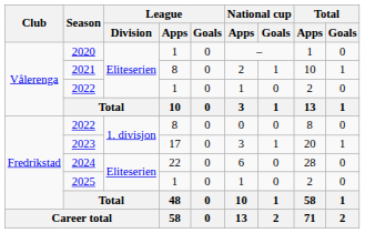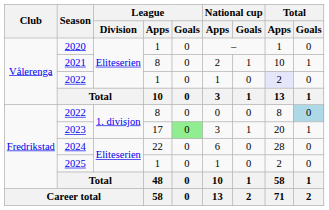 <table class="wikitable" style="text-align: center">
 <tr>
 <th rowspan="2">Club</th>
 <th rowspan="2">Season</th>
 <th colspan="3">League</th>
 <th colspan="2">National cup</th>
 <th colspan="2">Total</th>
 </tr>
 <tr>
 <th>Division</th>
 <th>Apps</th>
 <th>Goals</th>
 <th>Apps</th>
 <th>Goals</th>
 <th>Apps</th>
 <th>Goals</th>
 </tr>
 <tr>
 <td rowspan="4"><a href='#'>Vålerenga</a></td>
 <td><a href='#'>2020</a></td>
 <td rowspan="3"><a href='#'>Eliteserien</a></td>
 <td>1</td>
 <td>0</td>
 <td colspan="2">–</td>
 <td>1</td>
 <td>0</td>
 </tr>
 <tr>
 <td><a href='#'>2021</a></td>
 <td>8</td>
 <td>0</td>
 <td>2</td>
 <td>1</td>
 <td>10</td>
 <td>1</td>
 </tr>
 <tr>
 <td><a href='#'>2022</a></td>
 <td>1</td>
 <td>0</td>
 <td>1</td>
 <td>0</td>
-<td>2</td>
+<td style="background: lavender;">2</td>
 <td>0</td>
 </tr>
 <tr>
 <th colspan="2">Total</th>
 <th>10</th>
 <th>0</th>
 <th>3</th>
 <th>1</th>
 <th>13</th>
 <th>1</th>
 </tr>
 <tr>
 <td rowspan="5"><a href='#'>Fredrikstad</a></td>
 <td><a href='#'>2022</a></td>
 <td rowspan="2"><a href='#'>1. divisjon</a></td>
 <td>8</td>
 <td>0</td>
 <td>0</td>
 <td>0</td>
 <td>8</td>
-<td>0</td>
+<td style="background: lightblue;">0</td>
 </tr>
 <tr>
 <td><a href='#'>2023</a></td>
 <td>17</td>
-<td>0</td>
+<td style="background: lightgreen;">0</td>
 <td>3</td>
 <td>1</td>
 <td>20</td>
 <td>1</td>
 </tr>
 <tr>
 <td><a href='#'>2024</a></td>
 <td rowspan="2"><a href='#'>Eliteserien</a></td>
 <td>22</td>
 <td>0</td>
 <td>6</td>
 <td>0</td>
 <td>28</td>
 <td>0</td>
 </tr>
 <tr>
 <td><a href='#'>2025</a></td>
 <td>1</td>
 <td>0</td>
 <td>1</td>
 <td>0</td>
 <td>2</td>
 <td>0</td>
 </tr>
 <tr>
 <th colspan="2">Total</th>
 <th>48</th>
 <th>0</th>
 <th>10</th>
 <th>1</th>
 <th>58</th>
 <th>1</th>
 </tr>
 <tr>
 <th colspan="3">Career total</th>
 <th>58</th>
 <th>0</th>
 <th>13</th>
 <th>2</th>
 <th>71</th>
 <th>2</th>
 </tr>
 </table>
